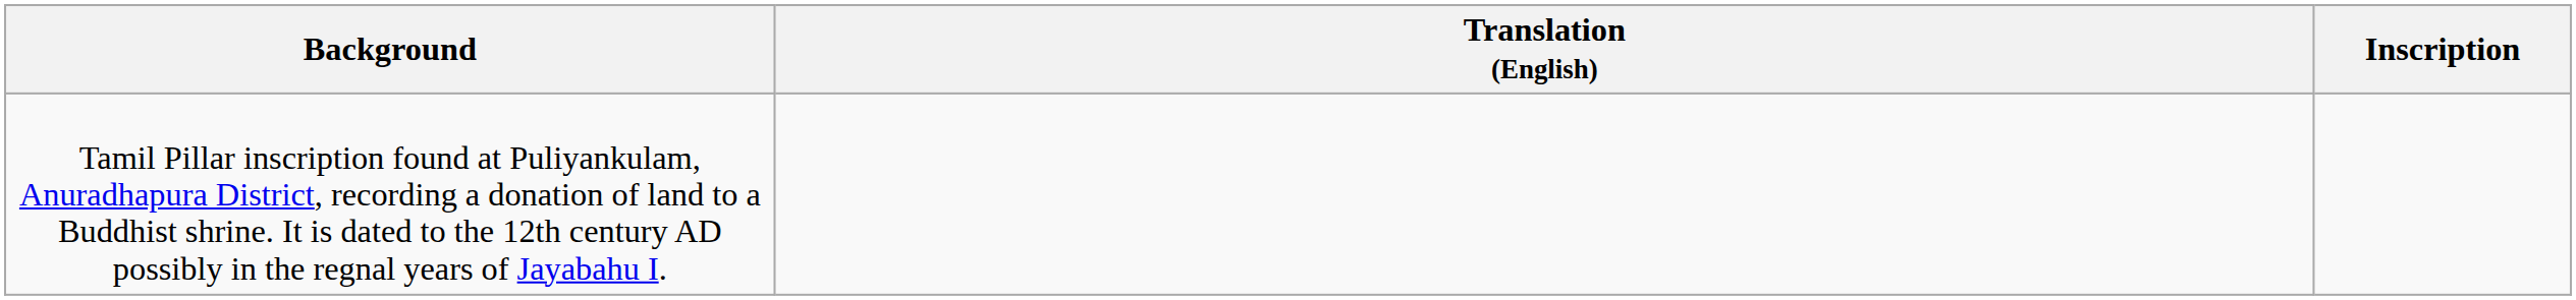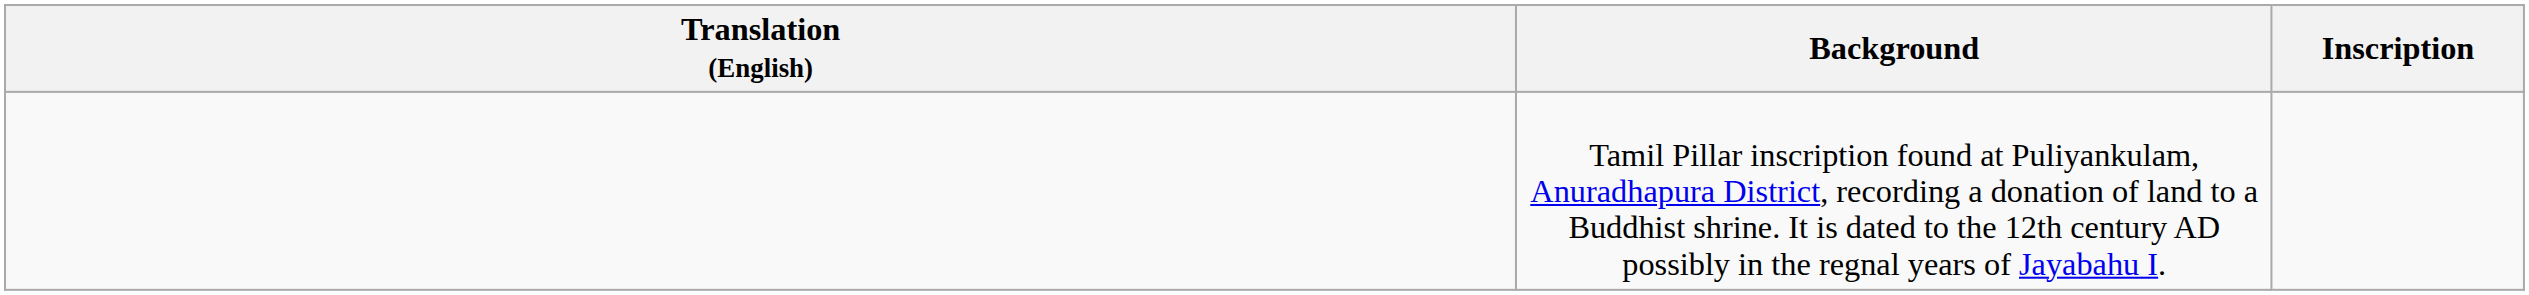 <table class="wikitable centre">
 <tr>
+<th>Translation<br><small>(English)</small></th>
 <th scope="col" align=left>Background<br></th>
-<th>Translation<br><small>(English)</small></th>
 <th>Inscription<br></th>
 </tr>
 <tr>
+<td align=left><br></td>
 <td align=center width="30%"><br>Tamil Pillar inscription found at Puliyankulam, <a href='#'>Anuradhapura District</a>, recording a donation of land to a Buddhist shrine. It is dated to the 12th century AD possibly in the regnal years of <a href='#'>Jayabahu I</a>.</td>
-<td align=left><br></td>
 <td align=center width="10%"></td>
 </tr>
 </table>
